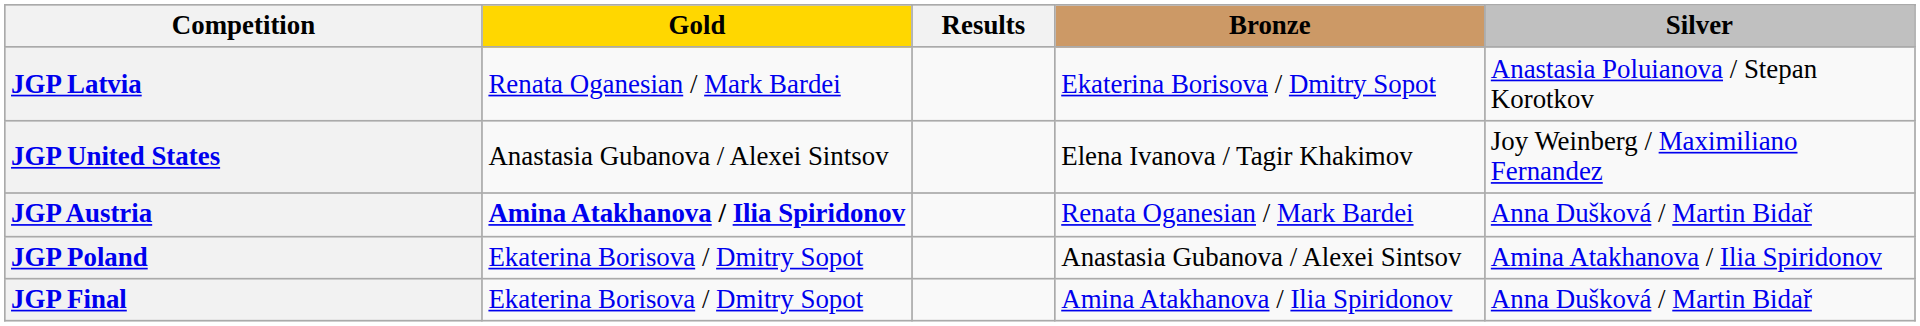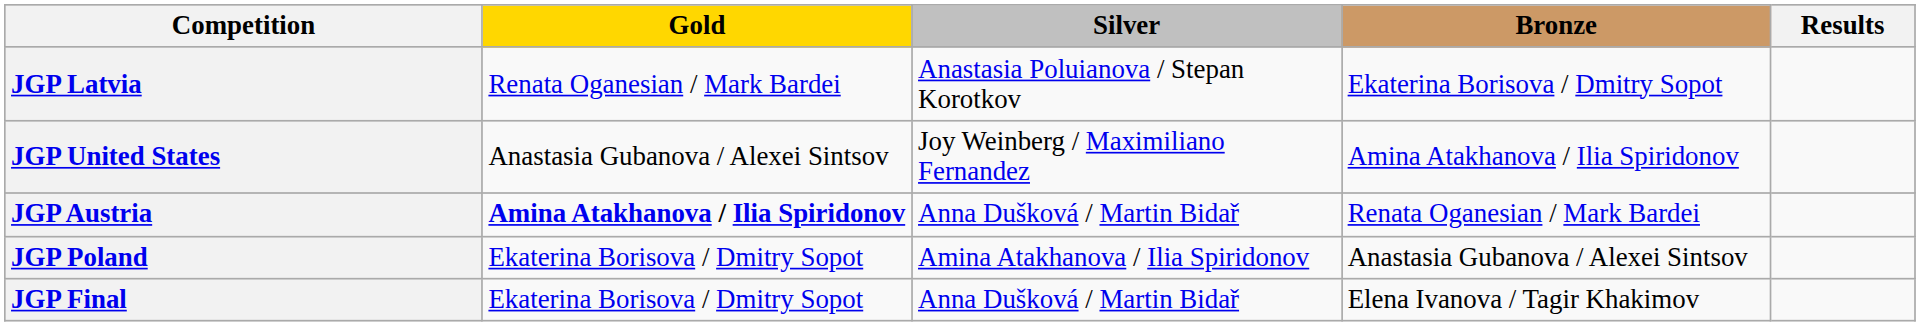 <table class="wikitable unsortable" style="text-align:left; width:90%">
 <tr>
 <th scope="col" style="text-align:center; width:25%;">Competition</th>
 <td scope="col" style="text-align:center; width:22.5%; background:gold"><strong>Gold</strong></td>
+<td scope="col" style="text-align:center; width:22.5%; background:silver"><strong>Silver</strong></td>
+<td scope="col" style="text-align:center; width:22.5%; background:#c96"><strong>Bronze</strong></td>
 <th scope="col" style="text-align:center; width:7.5%;">Results</th>
-<td scope="col" style="text-align:center; width:22.5%; background:#c96"><strong>Bronze</strong></td>
-<td scope="col" style="text-align:center; width:22.5%; background:silver"><strong>Silver</strong></td>
 </tr>
 <tr>
 <th scope="row" style="text-align:left"> <a href='#'>JGP Latvia</a></th>
 <td> <a href='#'>Renata Oganesian</a> / <a href='#'>Mark Bardei</a></td>
+<td> <a href='#'>Anastasia Poluianova</a> / Stepan Korotkov</td>
+<td> <a href='#'>Ekaterina Borisova</a> / <a href='#'>Dmitry Sopot</a></td>
 <td></td>
-<td> <a href='#'>Ekaterina Borisova</a> / <a href='#'>Dmitry Sopot</a></td>
-<td> <a href='#'>Anastasia Poluianova</a> / Stepan Korotkov</td>
 </tr>
 <tr>
 <th scope="row" style="text-align:left"> <a href='#'>JGP United States</a></th>
 <td> Anastasia Gubanova / Alexei Sintsov</td>
+<td> Joy Weinberg / <a href='#'>Maximiliano Fernandez</a></td>
+<td> <a href='#'>Amina Atakhanova</a> / <a href='#'>Ilia Spiridonov</a></td>
 <td></td>
-<td> Elena Ivanova / Tagir Khakimov</td>
-<td> Joy Weinberg / <a href='#'>Maximiliano Fernandez</a></td>
 </tr>
 <tr>
 <th scope="row" style="text-align:left"> <a href='#'>JGP Austria</a></th>
 <td><strong> <a href='#'>Amina Atakhanova</a> / <a href='#'>Ilia Spiridonov</a></strong></td>
+<td> <a href='#'>Anna Dušková</a> / <a href='#'>Martin Bidař</a></td>
+<td> <a href='#'>Renata Oganesian</a> / <a href='#'>Mark Bardei</a></td>
 <td></td>
-<td> <a href='#'>Renata Oganesian</a> / <a href='#'>Mark Bardei</a></td>
-<td> <a href='#'>Anna Dušková</a> / <a href='#'>Martin Bidař</a></td>
 </tr>
 <tr>
 <th scope="row" style="text-align:left"> <a href='#'>JGP Poland</a></th>
 <td> <a href='#'>Ekaterina Borisova</a> / <a href='#'>Dmitry Sopot</a></td>
+<td> <a href='#'>Amina Atakhanova</a> / <a href='#'>Ilia Spiridonov</a></td>
+<td> Anastasia Gubanova / Alexei Sintsov</td>
 <td></td>
-<td> Anastasia Gubanova / Alexei Sintsov</td>
-<td> <a href='#'>Amina Atakhanova</a> / <a href='#'>Ilia Spiridonov</a></td>
 </tr>
 <tr>
 <th scope="row" style="text-align:left"> <a href='#'>JGP Final</a></th>
 <td> <a href='#'>Ekaterina Borisova</a> / <a href='#'>Dmitry Sopot</a></td>
+<td> <a href='#'>Anna Dušková</a> / <a href='#'>Martin Bidař</a></td>
+<td> Elena Ivanova / Tagir Khakimov</td>
 <td></td>
-<td> <a href='#'>Amina Atakhanova</a> / <a href='#'>Ilia Spiridonov</a></td>
-<td> <a href='#'>Anna Dušková</a> / <a href='#'>Martin Bidař</a></td>
 </tr>
 </table>
